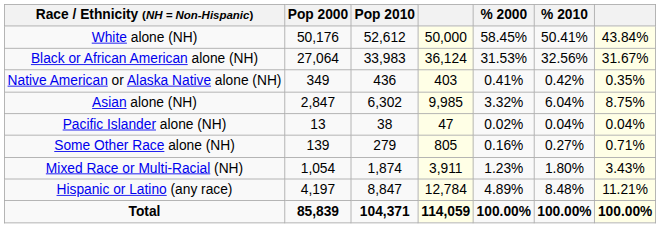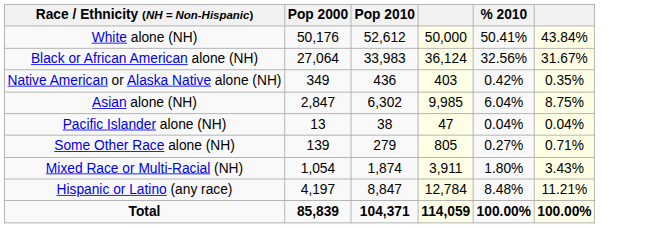 <table class="wikitable" style="text-align:center;">
 <tr>
 <th>Race / Ethnicity <small>(<em>NH = Non-Hispanic</em>)</small></th>
 <th>Pop 2000</th>
 <th>Pop 2010</th>
 <th></th>
-<th>% 2000</th>
 <th>% 2010</th>
 <th></th>
 </tr>
 <tr>
 <td><a href='#'>White</a> alone (NH)</td>
 <td>50,176</td>
 <td>52,612</td>
 <td style='background: #ffffe6;'>50,000</td>
-<td>58.45%</td>
 <td>50.41%</td>
 <td style='background: #ffffe6;'>43.84%</td>
 </tr>
 <tr>
 <td><a href='#'>Black or African American</a> alone (NH)</td>
 <td>27,064</td>
 <td>33,983</td>
 <td style='background: #ffffe6;'>36,124</td>
-<td>31.53%</td>
 <td>32.56%</td>
 <td style='background: #ffffe6;'>31.67%</td>
 </tr>
 <tr>
 <td><a href='#'>Native American</a> or <a href='#'>Alaska Native</a> alone (NH)</td>
 <td>349</td>
 <td>436</td>
 <td style='background: #ffffe6;'>403</td>
-<td>0.41%</td>
 <td>0.42%</td>
 <td style='background: #ffffe6;'>0.35%</td>
 </tr>
 <tr>
 <td><a href='#'>Asian</a> alone (NH)</td>
 <td>2,847</td>
 <td>6,302</td>
 <td style='background: #ffffe6;'>9,985</td>
-<td>3.32%</td>
 <td>6.04%</td>
 <td style='background: #ffffe6;'>8.75%</td>
 </tr>
 <tr>
 <td><a href='#'>Pacific Islander</a> alone (NH)</td>
 <td>13</td>
 <td>38</td>
 <td style='background: #ffffe6;'>47</td>
-<td>0.02%</td>
 <td>0.04%</td>
 <td style='background: #ffffe6;'>0.04%</td>
 </tr>
 <tr>
 <td><a href='#'>Some Other Race</a> alone (NH)</td>
 <td>139</td>
 <td>279</td>
 <td style='background: #ffffe6;'>805</td>
-<td>0.16%</td>
 <td>0.27%</td>
 <td style='background: #ffffe6;'>0.71%</td>
 </tr>
 <tr>
 <td><a href='#'>Mixed Race or Multi-Racial</a> (NH)</td>
 <td>1,054</td>
 <td>1,874</td>
 <td style='background: #ffffe6;'>3,911</td>
-<td>1.23%</td>
 <td>1.80%</td>
 <td style='background: #ffffe6;'>3.43%</td>
 </tr>
 <tr>
 <td><a href='#'>Hispanic or Latino</a> (any race)</td>
 <td>4,197</td>
 <td>8,847</td>
 <td style='background: #ffffe6;'>12,784</td>
-<td>4.89%</td>
 <td>8.48%</td>
 <td style='background: #ffffe6;'>11.21%</td>
 </tr>
 <tr>
 <td><strong>Total</strong></td>
 <td><strong>85,839</strong></td>
 <td><strong>104,371</strong></td>
 <td style='background: #ffffe6;'><strong>114,059</strong></td>
 <td><strong>100.00%</strong></td>
-<td><strong>100.00%</strong></td>
 <td style='background: #ffffe6;'><strong>100.00%</strong></td>
 </tr>
 </table>
